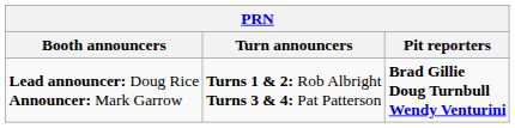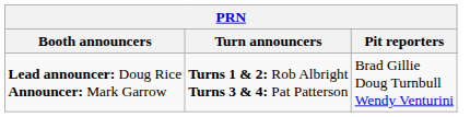 <table class="wikitable" style="font-size: 95%">
 <tr>
 <th colspan="3"><a href='#'>PRN</a></th>
 </tr>
 <tr>
 <th>Booth announcers</th>
 <th>Turn announcers</th>
 <th>Pit reporters</th>
 </tr>
 <tr>
 <td><strong>Lead announcer:</strong> Doug Rice<br><strong>Announcer:</strong> Mark Garrow</td>
 <td><strong>Turns 1 & 2:</strong> Rob Albright<br><strong>Turns 3 & 4:</strong> Pat Patterson</td>
-<td><strong>Brad Gillie<br>Doug Turnbull<br><a href='#'>Wendy Venturini</a></strong></td>
+<td>Brad Gillie<br>Doug Turnbull<br><a href='#'>Wendy Venturini</a></td>
 </tr>
 </table>
